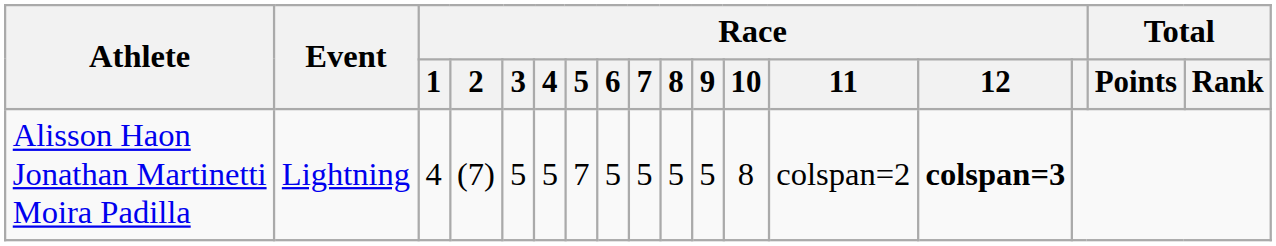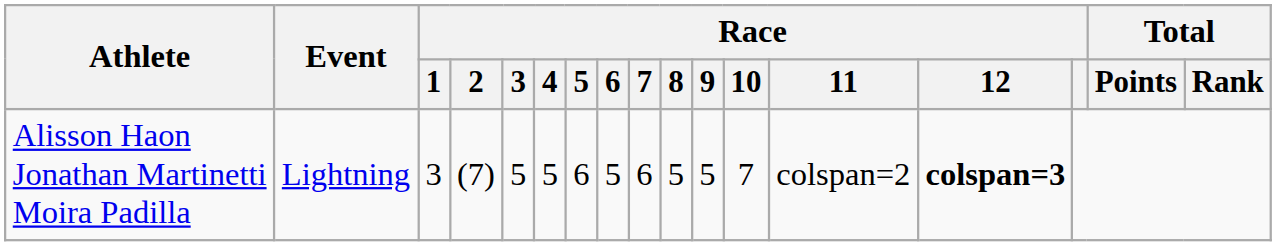 <table class=wikitable style=font-size:90%;text-align:center>
 <tr>
 <th rowspan=2>Athlete</th>
 <th rowspan=2>Event</th>
 <th colspan=13>Race</th>
 <th colspan=2>Total</th>
 </tr>
 <tr style=font-size:95%>
 <th>1</th>
 <th>2</th>
 <th>3</th>
 <th>4</th>
 <th>5</th>
 <th>6</th>
 <th>7</th>
 <th>8</th>
 <th>9</th>
 <th>10</th>
 <th>11</th>
 <th>12</th>
 <th></th>
 <th>Points</th>
 <th>Rank</th>
 </tr>
 <tr align=center>
 <td align=left><a href='#'>Alisson Haon</a>  <br> <a href='#'>Jonathan Martinetti</a> <br> <a href='#'>Moira Padilla</a></td>
 <td align=left><a href='#'>Lightning</a></td>
-<td>4</td>
+<td>3</td>
 <td>(7)</td>
 <td>5</td>
 <td>5</td>
-<td>7</td>
+<td>6</td>
+<td>5</td>
+<td>6</td>
 <td>5</td>
 <td>5</td>
-<td>5</td>
-<td>5</td>
-<td>8</td>
+<td>7</td>
 <td>colspan=2 </td>
 <td><strong>colspan=3 </strong></td>
 </tr>
 </table>
